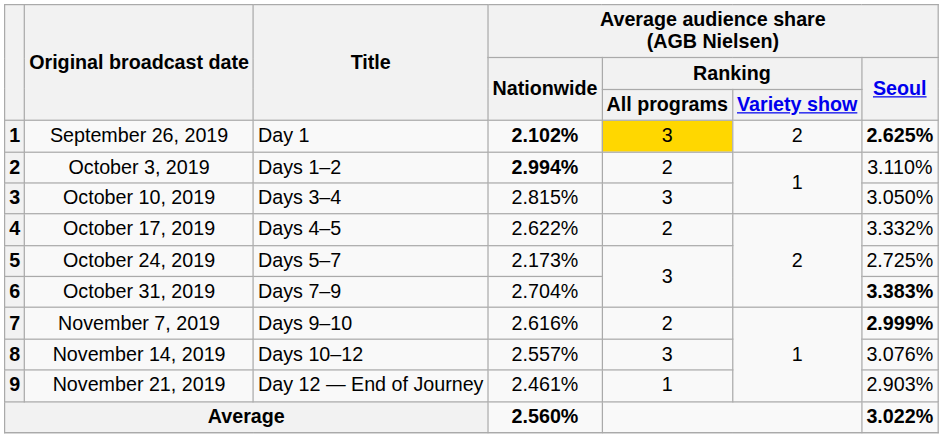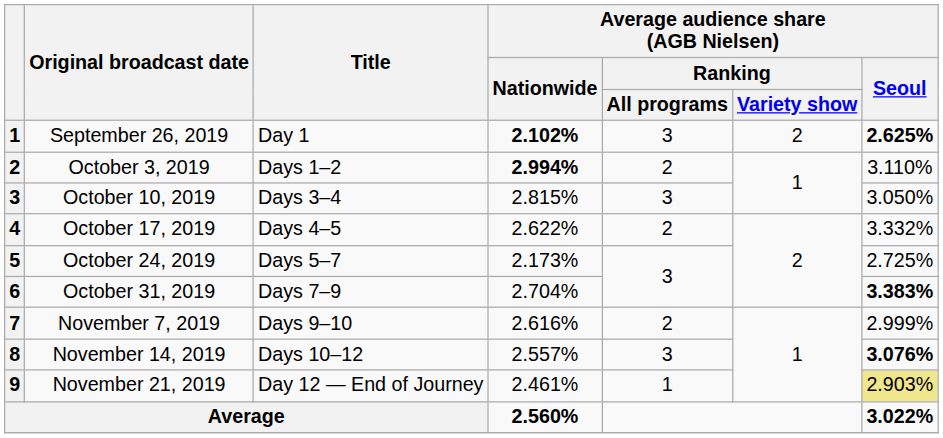 <table class=wikitable style="font-size: 100%; text-align: center">
 <tr>
 <th rowspan="3"></th>
 <th rowspan="3">Original broadcast date</th>
 <th rowspan="3">Title</th>
 <th colspan="4">Average audience share <br>(AGB Nielsen)</th>
 </tr>
 <tr>
 <th rowspan="2">Nationwide</th>
 <th colspan="2">Ranking</th>
 <th rowspan="2"><a href='#'>Seoul</a></th>
 </tr>
 <tr>
 <th>All programs</th>
 <th><a href='#'>Variety show</a></th>
 </tr>
 <tr>
 <th>1</th>
 <td>September 26, 2019</td>
 <td align=left>Day 1</td>
 <td><span><strong>2.102%</strong></span></td>
-<td style="background: gold;">3</td>
+<td>3</td>
 <td>2</td>
 <td><span><strong>2.625%</strong></span></td>
 </tr>
 <tr>
 <th>2</th>
 <td>October 3, 2019</td>
 <td align=left>Days 1–2</td>
 <td><span><strong>2.994%</strong></span></td>
 <td>2</td>
 <td rowspan="2">1</td>
 <td>3.110%</td>
 </tr>
 <tr>
 <th>3</th>
 <td>October 10, 2019</td>
 <td align=left>Days 3–4</td>
 <td>2.815%</td>
 <td>3</td>
 <td>3.050%</td>
 </tr>
 <tr>
 <th>4</th>
 <td>October 17, 2019</td>
 <td align=left>Days 4–5</td>
 <td>2.622%</td>
 <td>2</td>
 <td rowspan="3">2</td>
 <td>3.332%</td>
 </tr>
 <tr>
 <th>5</th>
 <td>October 24, 2019</td>
 <td align=left>Days 5–7</td>
 <td>2.173%</td>
 <td rowspan="2">3</td>
 <td>2.725%</td>
 </tr>
 <tr>
 <th>6</th>
 <td>October 31, 2019</td>
 <td align=left>Days 7–9</td>
 <td>2.704%</td>
 <td><span><strong>3.383%</strong></span></td>
 </tr>
 <tr>
 <th>7</th>
 <td>November 7, 2019</td>
 <td align=left>Days 9–10</td>
 <td>2.616%</td>
 <td>2</td>
 <td rowspan="3">1</td>
-<td><strong>2.999%</strong></td>
+<td>2.999%</td>
 </tr>
 <tr>
 <th>8</th>
 <td>November 14, 2019</td>
 <td align=left>Days 10–12</td>
 <td>2.557%</td>
 <td>3</td>
-<td>3.076%</td>
+<td><strong>3.076%</strong></td>
 </tr>
 <tr>
 <th>9</th>
 <td>November 21, 2019</td>
 <td align=left>Day 12 — End of Journey</td>
 <td>2.461%</td>
 <td>1</td>
-<td>2.903%</td>
+<td style="background: khaki;">2.903%</td>
 </tr>
 <tr>
 <th colspan="3">Average</th>
 <td><span><strong>2.560%</strong></span></td>
 <td colspan="2"></td>
 <td><span><strong>3.022%</strong></span></td>
 </tr>
 <tr>
 </tr>
 </table>
